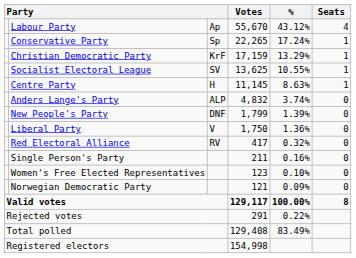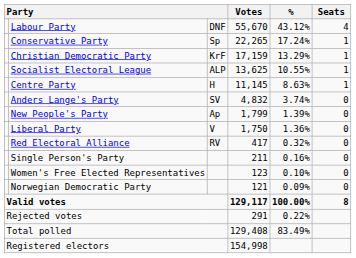 <table class="wikitable" border="1" style="text-align:right;">
 <tr>
 <th style="text-align:left;" colspan=3>Party</th>
 <th align=center width="50">Votes</th>
 <th align=center width="50">%</th>
 <th align=center width="50">Seats</th>
 </tr>
 <tr>
 <td style="color:inherit;background:"></td>
 <td align=left><a href='#'>Labour Party</a></td>
-<td align=left>Ap</td>
+<td align=left>DNF</td>
 <td>55,670</td>
 <td>43.12%</td>
 <td>4</td>
 </tr>
 <tr>
 <td style="color:inherit;background:"></td>
 <td align=left><a href='#'>Conservative Party</a></td>
 <td align=left>Sp</td>
 <td>22,265</td>
 <td>17.24%</td>
 <td>1</td>
 </tr>
 <tr>
 <td style="color:inherit;background:"></td>
 <td align=left><a href='#'>Christian Democratic Party</a></td>
 <td align=left>KrF</td>
 <td>17,159</td>
 <td>13.29%</td>
 <td>1</td>
 </tr>
 <tr>
 <td style="color:inherit;background:"></td>
 <td align=left><a href='#'>Socialist Electoral League</a></td>
-<td align=left>SV</td>
+<td align=left>ALP</td>
 <td>13,625</td>
 <td>10.55%</td>
 <td>1</td>
 </tr>
 <tr>
 <td style="color:inherit;background:"></td>
 <td align=left><a href='#'>Centre Party</a></td>
 <td align=left>H</td>
 <td>11,145</td>
 <td>8.63%</td>
 <td>1</td>
 </tr>
 <tr>
 <td style="color:inherit;background:"></td>
 <td align=left><a href='#'>Anders Lange's Party</a></td>
-<td align=left>ALP</td>
+<td align=left>SV</td>
 <td>4,832</td>
 <td>3.74%</td>
 <td>0</td>
 </tr>
 <tr>
 <td style="color:inherit;background:"></td>
 <td align=left><a href='#'>New People's Party</a></td>
-<td align=left>DNF</td>
+<td align=left>Ap</td>
 <td>1,799</td>
 <td>1.39%</td>
 <td>0</td>
 </tr>
 <tr>
 <td style="color:inherit;background:"></td>
 <td align=left><a href='#'>Liberal Party</a></td>
 <td align=left>V</td>
 <td>1,750</td>
 <td>1.36%</td>
 <td>0</td>
 </tr>
 <tr>
 <td style="color:inherit;background:"></td>
 <td align=left><a href='#'>Red Electoral Alliance</a></td>
 <td align=left>RV</td>
 <td>417</td>
 <td>0.32%</td>
 <td>0</td>
 </tr>
 <tr>
 <td></td>
 <td align=left>Single Person's Party</td>
 <td align=left></td>
 <td>211</td>
 <td>0.16%</td>
 <td>0</td>
 </tr>
 <tr>
 <td></td>
 <td align=left>Women's Free Elected Representatives</td>
 <td align=left></td>
 <td>123</td>
 <td>0.10%</td>
 <td>0</td>
 </tr>
 <tr>
 <td></td>
 <td align=left>Norwegian Democratic Party</td>
 <td align=left></td>
 <td>121</td>
 <td>0.09%</td>
 <td>0</td>
 </tr>
 <tr style="font-weight:bold">
 <td align=left colspan=3>Valid votes</td>
 <td>129,117</td>
 <td>100.00%</td>
 <td>8</td>
 </tr>
 <tr>
 <td align=left colspan=3>Rejected votes</td>
 <td>291</td>
 <td>0.22%</td>
 <td></td>
 </tr>
 <tr>
 <td align=left colspan=3>Total polled</td>
 <td>129,408</td>
 <td>83.49%</td>
 <td></td>
 </tr>
 <tr>
 <td align=left colspan=3>Registered electors</td>
 <td>154,998</td>
 <td></td>
 <td></td>
 </tr>
 </table>
